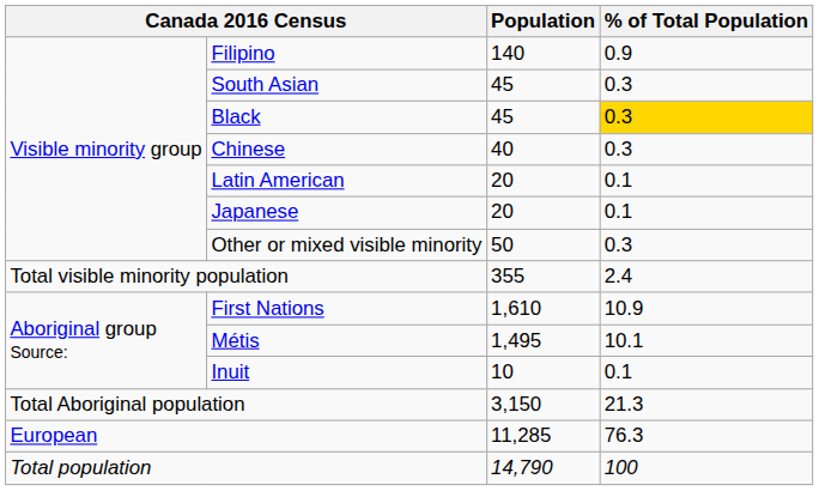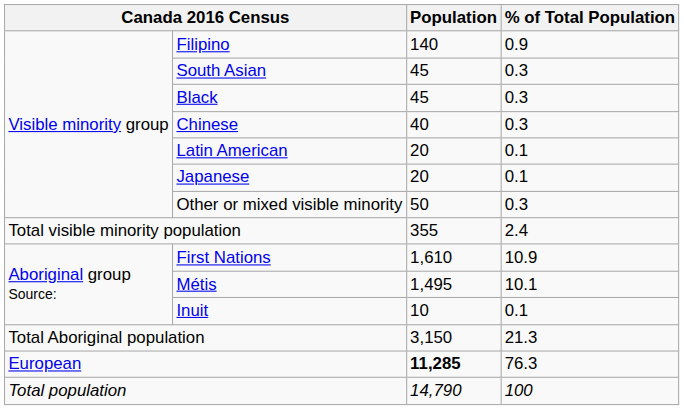 <table class="wikitable">
 <tr>
 <th colspan=2>Canada 2016 Census</th>
 <th>Population</th>
 <th>% of Total Population</th>
 </tr>
 <tr>
 <td rowspan=7><a href='#'>Visible minority</a> group</td>
 <td><a href='#'>Filipino</a></td>
 <td>140</td>
 <td>0.9</td>
 </tr>
 <tr>
 <td><a href='#'>South Asian</a></td>
 <td>45</td>
 <td>0.3</td>
 </tr>
 <tr>
 <td><a href='#'>Black</a></td>
 <td>45</td>
-<td style="background: gold;">0.3</td>
+<td>0.3</td>
 </tr>
 <tr>
 <td><a href='#'>Chinese</a></td>
 <td>40</td>
 <td>0.3</td>
 </tr>
 <tr>
 <td><a href='#'>Latin American</a></td>
 <td>20</td>
 <td>0.1</td>
 </tr>
 <tr>
 <td><a href='#'>Japanese</a></td>
 <td>20</td>
 <td>0.1</td>
 </tr>
 <tr>
 <td>Other or mixed visible minority</td>
 <td>50</td>
 <td>0.3</td>
 </tr>
 <tr>
 <td colspan=2>Total visible minority population</td>
 <td>355</td>
 <td>2.4</td>
 </tr>
 <tr>
 <td rowspan=3><a href='#'>Aboriginal</a> group<br><small>Source:</small></td>
 <td><a href='#'>First Nations</a></td>
 <td>1,610</td>
 <td>10.9</td>
 </tr>
 <tr>
 <td><a href='#'>Métis</a></td>
 <td>1,495</td>
 <td>10.1</td>
 </tr>
 <tr>
 <td><a href='#'>Inuit</a></td>
 <td>10</td>
 <td>0.1</td>
 </tr>
 <tr>
 <td colspan=2>Total Aboriginal population</td>
 <td>3,150</td>
 <td>21.3</td>
 </tr>
 <tr>
 <td colspan=2><a href='#'>European</a></td>
-<td>11,285</td>
+<td><strong>11,285</strong></td>
 <td>76.3</td>
 </tr>
 <tr>
 <td colspan=2><em>Total population</em></td>
 <td><em>14,790</em></td>
 <td><em>100</em></td>
 </tr>
 </table>
